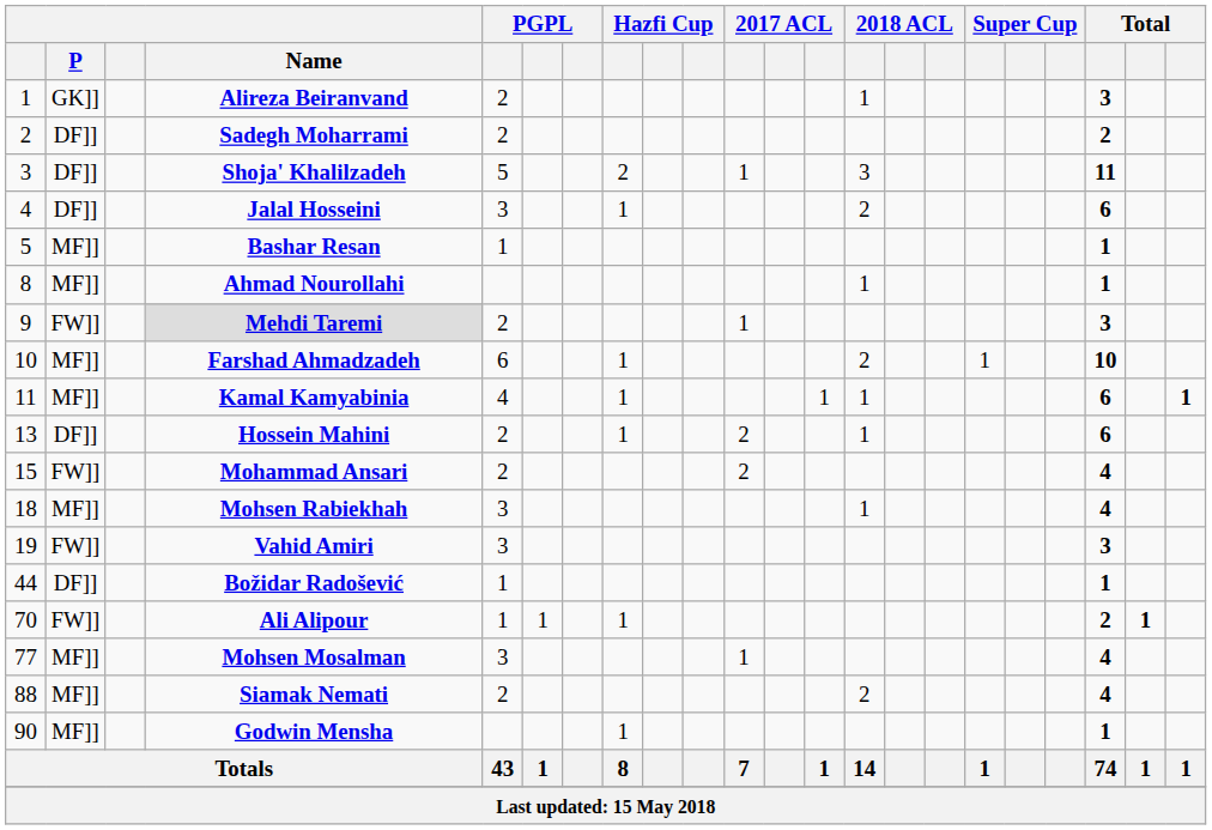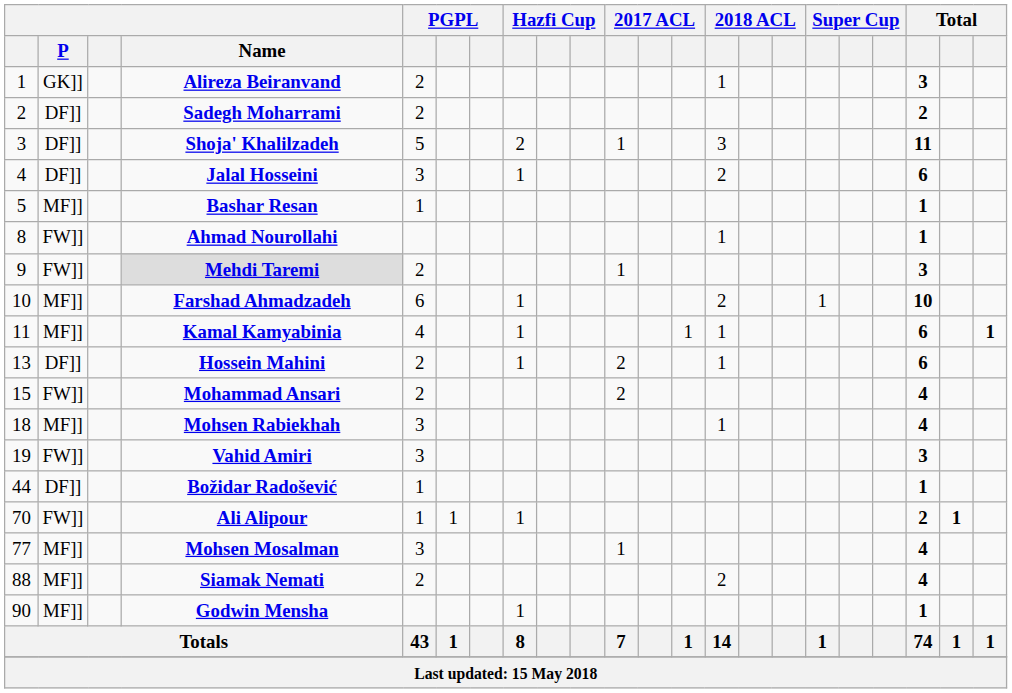 <table class="wikitable sortable" style="text-align:center; font-size:95%;">
 <tr>
 <th colspan=4></th>
 <th colspan=3><a href='#'>PGPL</a></th>
 <th colspan=3><a href='#'>Hazfi Cup</a></th>
 <th colspan=3><a href='#'>2017 ACL</a></th>
 <th colspan=3><a href='#'>2018 ACL</a></th>
 <th colspan=3><a href='#'>Super Cup</a></th>
 <th colspan=3>Total</th>
 </tr>
 <tr>
 <th width=20></th>
 <th width=20><a href='#'>P</a></th>
 <th width=20></th>
 <th width=220>Name</th>
 <th width=20></th>
 <th width=20></th>
 <th width=20></th>
 <th width=20></th>
 <th width=20></th>
 <th width=20></th>
 <th width=20></th>
 <th width=20></th>
 <th width=20></th>
 <th width=20></th>
 <th width=20></th>
 <th width=20></th>
 <th width=20></th>
 <th width=20></th>
 <th width=20></th>
 <th width=20></th>
 <th width=20></th>
 <th width=20></th>
 </tr>
 <tr>
 <td>1</td>
 <td [[>GK]]</td>
 <td></td>
 <td><strong><a href='#'>Alireza Beiranvand</a></strong></td>
 <td>2</td>
 <td></td>
 <td></td>
 <td></td>
 <td></td>
 <td></td>
 <td></td>
 <td></td>
 <td></td>
 <td>1</td>
 <td></td>
 <td></td>
 <td></td>
 <td></td>
 <td></td>
 <td><strong>3</strong></td>
 <td></td>
 <td></td>
 </tr>
 <tr>
 <td>2</td>
 <td [[>DF]]</td>
 <td></td>
 <td><strong><a href='#'>Sadegh Moharrami</a></strong></td>
 <td>2</td>
 <td></td>
 <td></td>
 <td></td>
 <td></td>
 <td></td>
 <td></td>
 <td></td>
 <td></td>
 <td></td>
 <td></td>
 <td></td>
 <td></td>
 <td></td>
 <td></td>
 <td><strong>2</strong></td>
 <td></td>
 <td></td>
 </tr>
 <tr>
 <td>3</td>
 <td [[>DF]]</td>
 <td></td>
 <td><strong><a href='#'>Shoja' Khalilzadeh</a></strong></td>
 <td>5</td>
 <td></td>
 <td></td>
 <td>2</td>
 <td></td>
 <td></td>
 <td>1</td>
 <td></td>
 <td></td>
 <td>3</td>
 <td></td>
 <td></td>
 <td></td>
 <td></td>
 <td></td>
 <td><strong>11</strong></td>
 <td></td>
 <td></td>
 </tr>
 <tr>
 <td>4</td>
 <td [[>DF]]</td>
 <td></td>
 <td><strong><a href='#'>Jalal Hosseini</a></strong></td>
 <td>3</td>
 <td></td>
 <td></td>
 <td>1</td>
 <td></td>
 <td></td>
 <td></td>
 <td></td>
 <td></td>
 <td>2</td>
 <td></td>
 <td></td>
 <td></td>
 <td></td>
 <td></td>
 <td><strong>6</strong></td>
 <td></td>
 <td></td>
 </tr>
 <tr>
 <td>5</td>
 <td [[>MF]]</td>
 <td></td>
 <td><strong><a href='#'>Bashar Resan</a></strong></td>
 <td>1</td>
 <td></td>
 <td></td>
 <td></td>
 <td></td>
 <td></td>
 <td></td>
 <td></td>
 <td></td>
 <td></td>
 <td></td>
 <td></td>
 <td></td>
 <td></td>
 <td></td>
 <td><strong>1</strong></td>
 <td></td>
 <td></td>
 </tr>
 <tr>
 <td>8</td>
-<td [[>MF]]</td>
+<td [[>FW]]</td>
 <td></td>
 <td><strong><a href='#'>Ahmad Nourollahi</a></strong></td>
 <td></td>
 <td></td>
 <td></td>
 <td></td>
 <td></td>
 <td></td>
 <td></td>
 <td></td>
 <td></td>
 <td>1</td>
 <td></td>
 <td></td>
 <td></td>
 <td></td>
 <td></td>
 <td><strong>1</strong></td>
 <td></td>
 <td></td>
 </tr>
 <tr>
 <td>9</td>
 <td [[>FW]]</td>
 <td></td>
 <td style="background:#DDDDDD"><strong><a href='#'>Mehdi Taremi</a></strong></td>
 <td>2</td>
 <td></td>
 <td></td>
 <td></td>
 <td></td>
 <td></td>
 <td>1</td>
 <td></td>
 <td></td>
 <td></td>
 <td></td>
 <td></td>
 <td></td>
 <td></td>
 <td></td>
 <td><strong>3</strong></td>
 <td></td>
 <td></td>
 </tr>
 <tr>
 <td>10</td>
 <td [[>MF]]</td>
 <td></td>
 <td><strong><a href='#'>Farshad Ahmadzadeh</a></strong></td>
 <td>6</td>
 <td></td>
 <td></td>
 <td>1</td>
 <td></td>
 <td></td>
 <td></td>
 <td></td>
 <td></td>
 <td>2</td>
 <td></td>
 <td></td>
 <td>1</td>
 <td></td>
 <td></td>
 <td><strong>10</strong></td>
 <td></td>
 <td></td>
 </tr>
 <tr>
 <td>11</td>
 <td [[>MF]]</td>
 <td></td>
 <td><strong><a href='#'>Kamal Kamyabinia</a></strong></td>
 <td>4</td>
 <td></td>
 <td></td>
 <td>1</td>
 <td></td>
 <td></td>
 <td></td>
 <td></td>
 <td>1</td>
 <td>1</td>
 <td></td>
 <td></td>
 <td></td>
 <td></td>
 <td></td>
 <td><strong>6</strong></td>
 <td></td>
 <td><strong>1</strong></td>
 </tr>
 <tr>
 <td>13</td>
 <td [[>DF]]</td>
 <td></td>
 <td><strong><a href='#'>Hossein Mahini</a></strong></td>
 <td>2</td>
 <td></td>
 <td></td>
 <td>1</td>
 <td></td>
 <td></td>
 <td>2</td>
 <td></td>
 <td></td>
 <td>1</td>
 <td></td>
 <td></td>
 <td></td>
 <td></td>
 <td></td>
 <td><strong>6</strong></td>
 <td></td>
 <td></td>
 </tr>
 <tr>
 <td>15</td>
 <td [[>FW]]</td>
 <td></td>
 <td><strong><a href='#'>Mohammad Ansari</a></strong></td>
 <td>2</td>
 <td></td>
 <td></td>
 <td></td>
 <td></td>
 <td></td>
 <td>2</td>
 <td></td>
 <td></td>
 <td></td>
 <td></td>
 <td></td>
 <td></td>
 <td></td>
 <td></td>
 <td><strong>4</strong></td>
 <td></td>
 <td></td>
 </tr>
 <tr>
 <td>18</td>
 <td [[>MF]]</td>
 <td></td>
 <td><strong><a href='#'>Mohsen Rabiekhah</a></strong></td>
 <td>3</td>
 <td></td>
 <td></td>
 <td></td>
 <td></td>
 <td></td>
 <td></td>
 <td></td>
 <td></td>
 <td>1</td>
 <td></td>
 <td></td>
 <td></td>
 <td></td>
 <td></td>
 <td><strong>4</strong></td>
 <td></td>
 <td></td>
 </tr>
 <tr>
 <td>19</td>
 <td [[>FW]]</td>
 <td></td>
 <td><strong><a href='#'>Vahid Amiri</a></strong></td>
 <td>3</td>
 <td></td>
 <td></td>
 <td></td>
 <td></td>
 <td></td>
 <td></td>
 <td></td>
 <td></td>
 <td></td>
 <td></td>
 <td></td>
 <td></td>
 <td></td>
 <td></td>
 <td><strong>3</strong></td>
 <td></td>
 <td></td>
 </tr>
 <tr>
 <td>44</td>
 <td [[>DF]]</td>
 <td></td>
 <td><strong><a href='#'>Božidar Radošević</a></strong></td>
 <td>1</td>
 <td></td>
 <td></td>
 <td></td>
 <td></td>
 <td></td>
 <td></td>
 <td></td>
 <td></td>
 <td></td>
 <td></td>
 <td></td>
 <td></td>
 <td></td>
 <td></td>
 <td><strong>1</strong></td>
 <td></td>
 <td></td>
 </tr>
 <tr>
 <td>70</td>
 <td [[>FW]]</td>
 <td></td>
 <td><strong><a href='#'>Ali Alipour</a></strong></td>
 <td>1</td>
 <td>1</td>
 <td></td>
 <td>1</td>
 <td></td>
 <td></td>
 <td></td>
 <td></td>
 <td></td>
 <td></td>
 <td></td>
 <td></td>
 <td></td>
 <td></td>
 <td></td>
 <td><strong>2</strong></td>
 <td><strong>1</strong></td>
 <td></td>
 </tr>
 <tr>
 <td>77</td>
 <td [[>MF]]</td>
 <td></td>
 <td><strong><a href='#'>Mohsen Mosalman</a></strong></td>
 <td>3</td>
 <td></td>
 <td></td>
 <td></td>
 <td></td>
 <td></td>
 <td>1</td>
 <td></td>
 <td></td>
 <td></td>
 <td></td>
 <td></td>
 <td></td>
 <td></td>
 <td></td>
 <td><strong>4</strong></td>
 <td></td>
 <td></td>
 </tr>
 <tr>
 <td>88</td>
 <td [[>MF]]</td>
 <td></td>
 <td><strong><a href='#'>Siamak Nemati</a></strong></td>
 <td>2</td>
 <td></td>
 <td></td>
 <td></td>
 <td></td>
 <td></td>
 <td></td>
 <td></td>
 <td></td>
 <td>2</td>
 <td></td>
 <td></td>
 <td></td>
 <td></td>
 <td></td>
 <td><strong>4</strong></td>
 <td></td>
 <td></td>
 </tr>
 <tr>
 <td>90</td>
 <td [[>MF]]</td>
 <td></td>
 <td><strong><a href='#'>Godwin Mensha</a></strong></td>
 <td></td>
 <td></td>
 <td></td>
 <td>1</td>
 <td></td>
 <td></td>
 <td></td>
 <td></td>
 <td></td>
 <td></td>
 <td></td>
 <td></td>
 <td></td>
 <td></td>
 <td></td>
 <td><strong>1</strong></td>
 <td></td>
 <td></td>
 </tr>
 <tr>
 <th colspan=4>Totals</th>
 <th>43</th>
 <th>1</th>
 <th></th>
 <th>8</th>
 <th></th>
 <th></th>
 <th>7</th>
 <th></th>
 <th>1</th>
 <th>14</th>
 <th></th>
 <th></th>
 <th>1</th>
 <th></th>
 <th></th>
 <th>74</th>
 <th>1</th>
 <th>1</th>
 </tr>
 <tr>
 </tr>
 <tr align=left style="background:#DCDCDC">
 <th colspan="22"><small>Last updated: 15 May 2018</small></th>
 </tr>
 </table>
